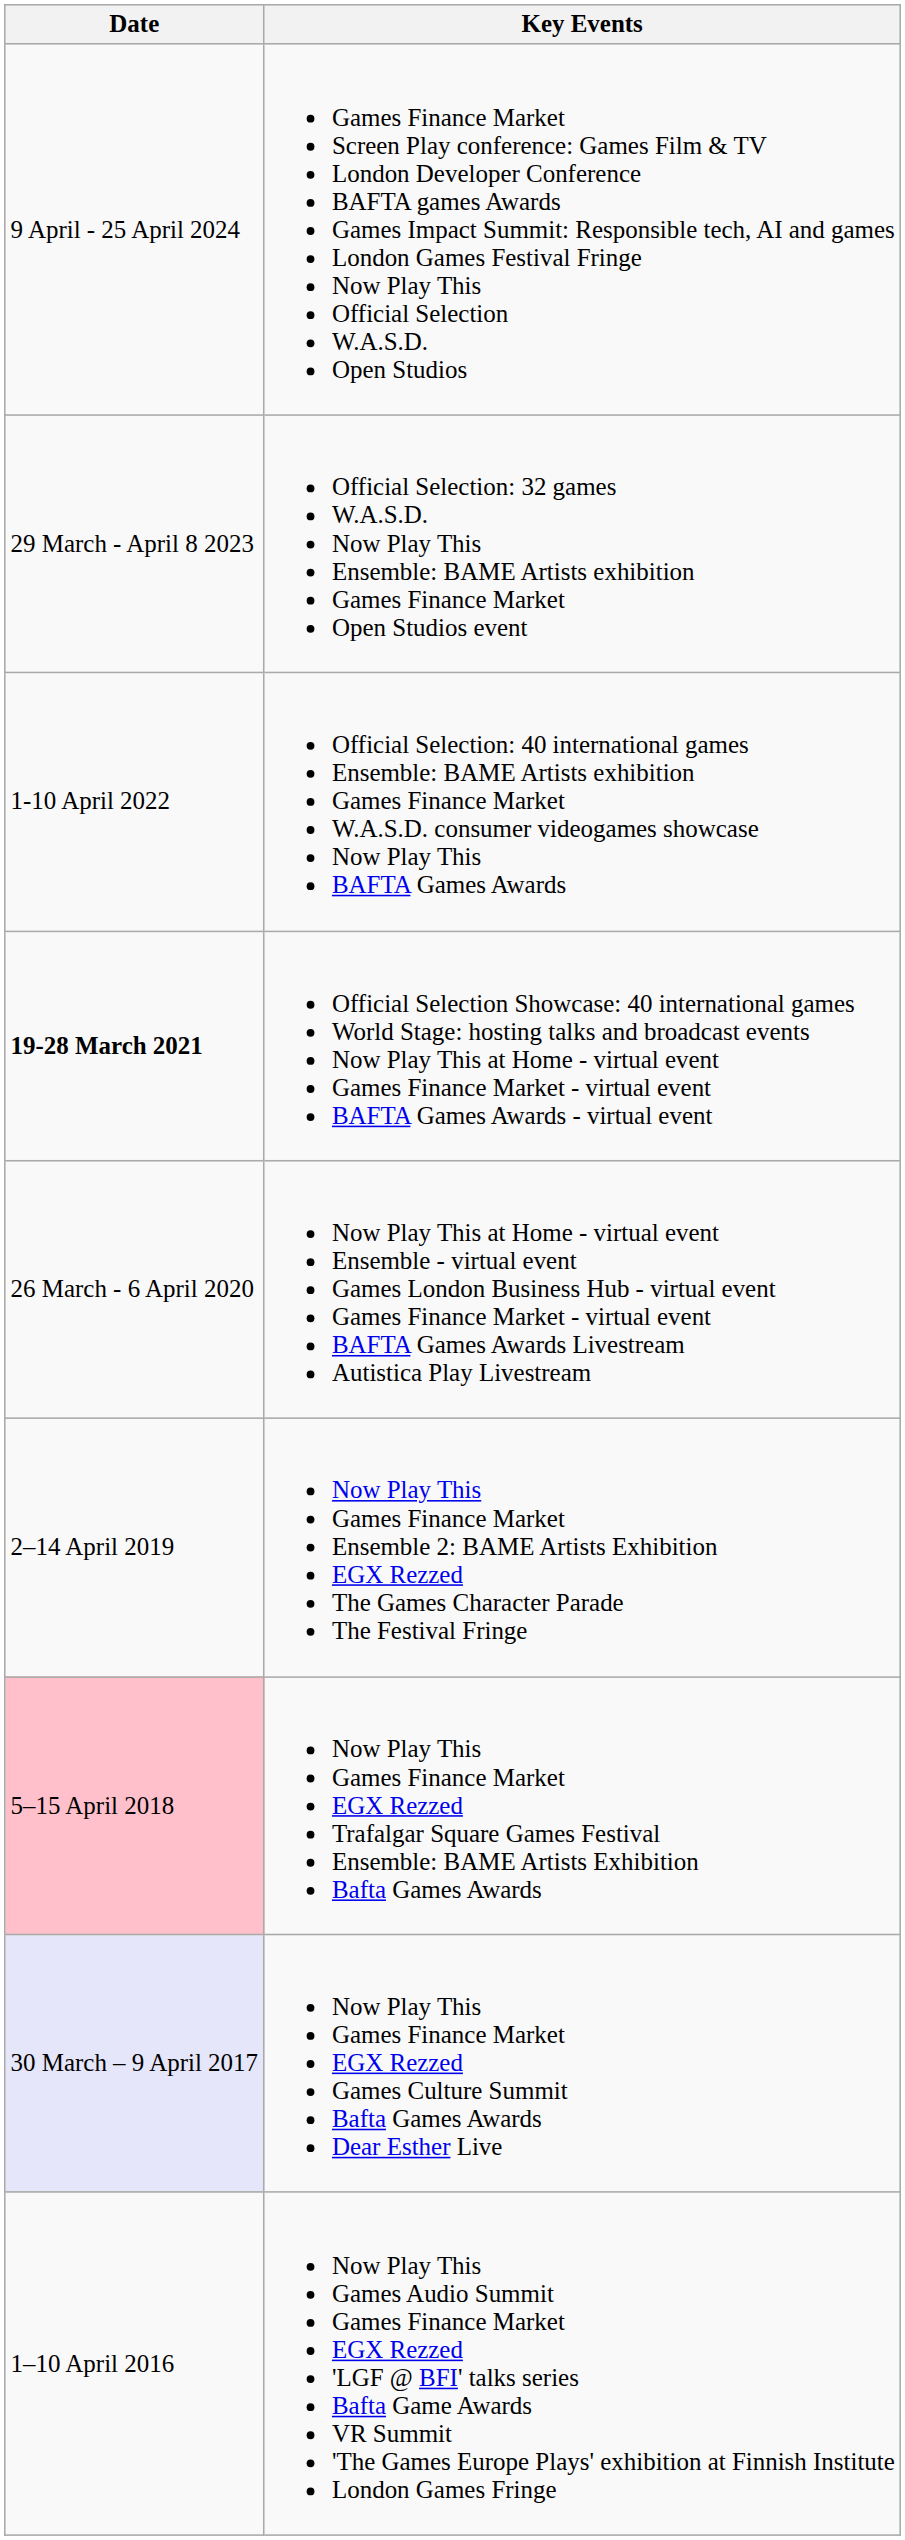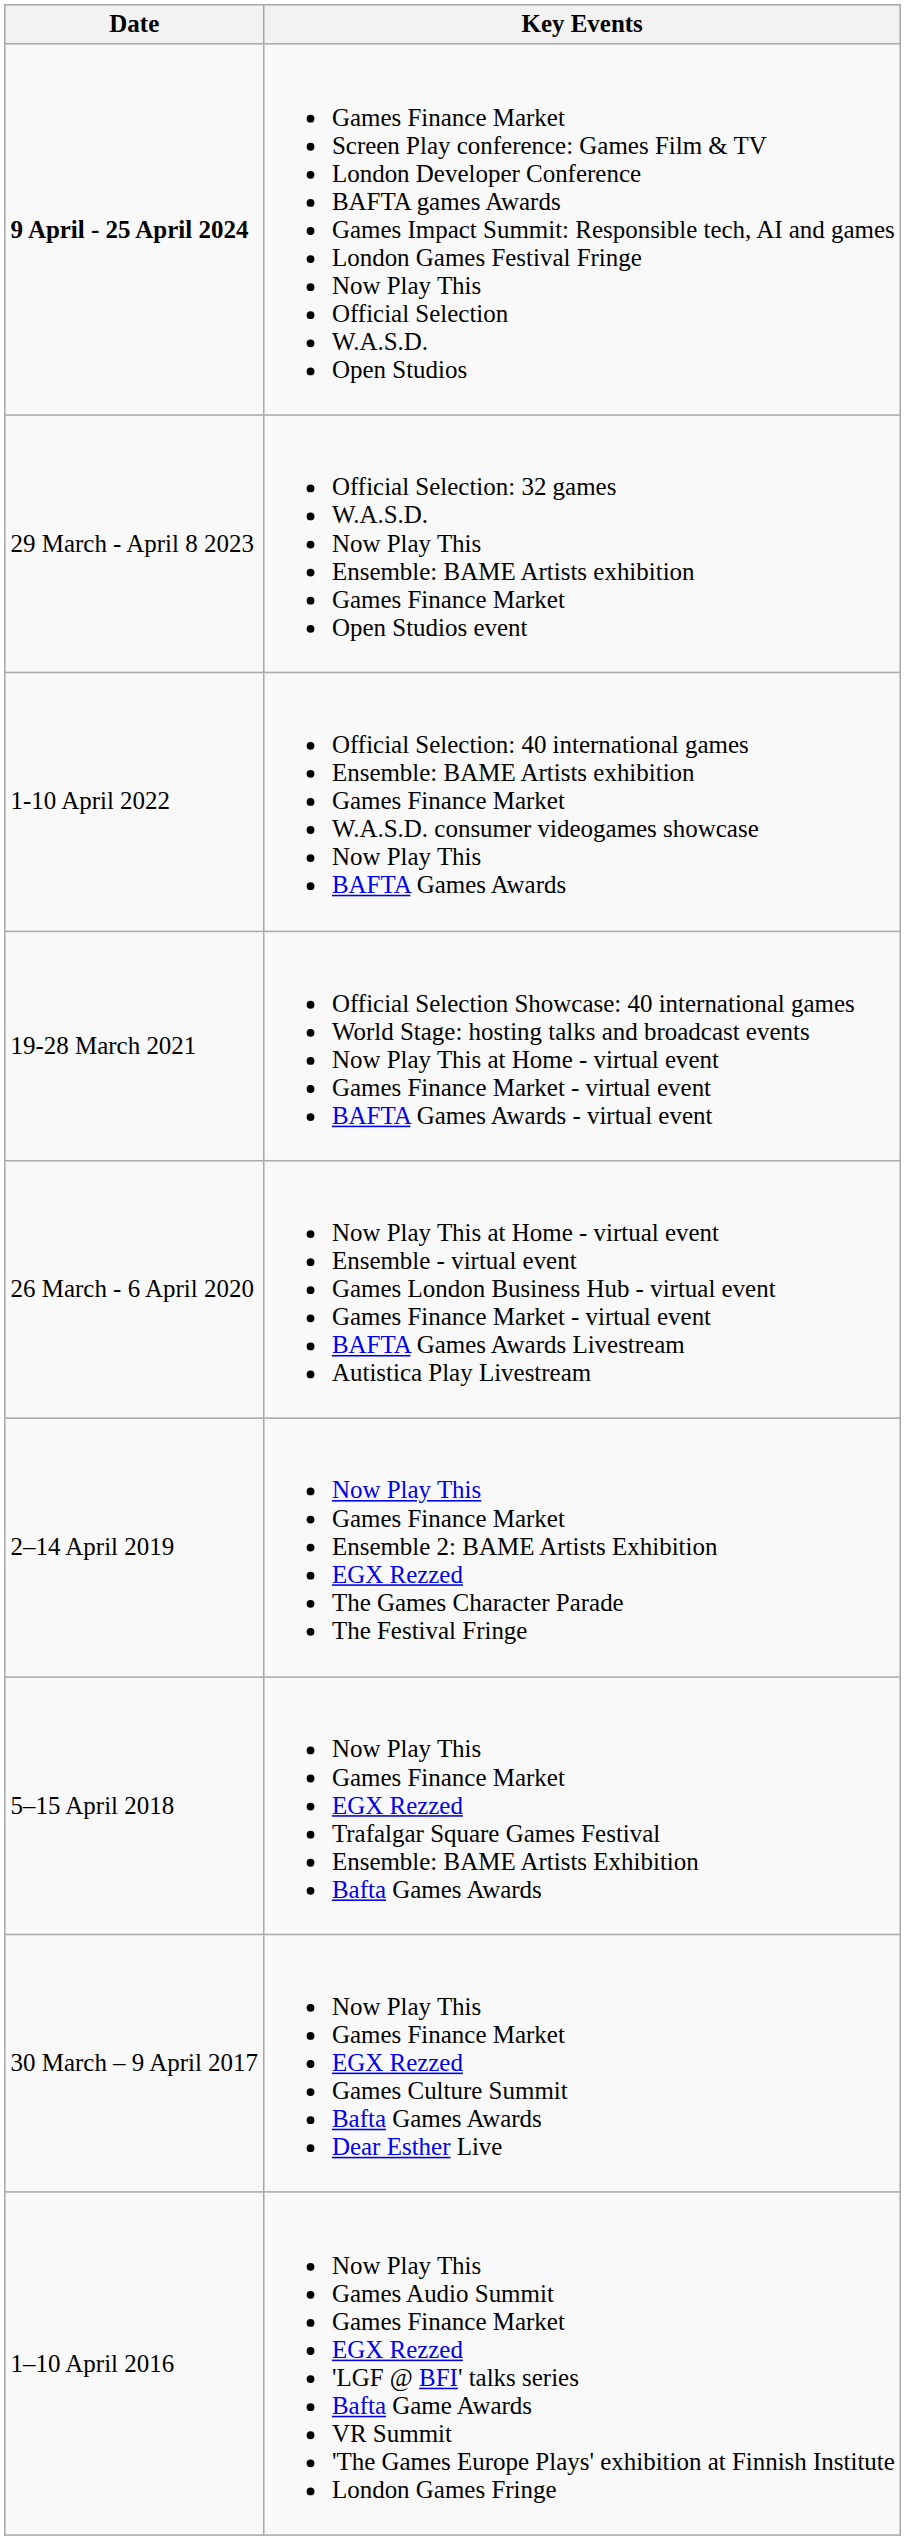 <table class="wikitable">
 <tr>
 <th>Date</th>
 <th>Key Events</th>
 </tr>
 <tr>
-<td>9 April - 25 April 2024</td>
+<td><strong>9 April - 25 April 2024</strong></td>
 <td><br><ul><li>Games Finance Market</li><li>Screen Play conference: Games Film & TV</li><li>London Developer Conference</li><li>BAFTA games Awards</li><li>Games Impact Summit: Responsible tech, AI and games</li><li>London Games Festival Fringe</li><li>Now Play This</li><li>Official Selection</li><li>W.A.S.D.</li><li>Open Studios</li></ul></td>
 </tr>
 <tr>
 <td>29 March - April 8 2023</td>
 <td><br><ul><li>Official Selection: 32 games</li><li>W.A.S.D.</li><li>Now Play This</li><li>Ensemble: BAME Artists exhibition</li><li>Games Finance Market</li><li>Open Studios event</li></ul></td>
 </tr>
 <tr>
 <td>1-10 April 2022</td>
 <td><br><ul><li>Official Selection: 40 international games</li><li>Ensemble: BAME Artists exhibition</li><li>Games Finance Market</li><li>W.A.S.D. consumer videogames showcase</li><li>Now Play This</li><li><a href='#'>BAFTA</a> Games Awards</li></ul></td>
 </tr>
 <tr>
-<td><strong>19-28 March 2021</strong></td>
+<td>19-28 March 2021</td>
 <td><br><ul><li>Official Selection Showcase: 40 international games</li><li>World Stage: hosting talks and broadcast events</li><li>Now Play This at Home - virtual event</li><li>Games Finance Market - virtual event</li><li><a href='#'>BAFTA</a> Games Awards - virtual event</li></ul></td>
 </tr>
 <tr>
 <td>26 March - 6 April 2020</td>
 <td><br><ul><li>Now Play This at Home - virtual event</li><li>Ensemble - virtual event</li><li>Games London Business Hub - virtual event</li><li>Games Finance Market - virtual event</li><li><a href='#'>BAFTA</a> Games Awards Livestream</li><li>Autistica Play Livestream</li></ul></td>
 </tr>
 <tr>
 <td>2–14 April 2019 </td>
 <td><br><ul><li><a href='#'>Now Play This</a></li><li>Games Finance Market</li><li>Ensemble 2: BAME Artists Exhibition</li><li><a href='#'>EGX Rezzed</a></li><li>The Games Character Parade</li><li>The Festival Fringe</li></ul></td>
 </tr>
 <tr>
-<td style="background: pink;">5–15 April 2018 </td>
+<td>5–15 April 2018 </td>
 <td><br><ul><li>Now Play This</li><li>Games Finance Market</li><li><a href='#'>EGX Rezzed</a></li><li>Trafalgar Square Games Festival</li><li>Ensemble: BAME Artists Exhibition</li><li><a href='#'>Bafta</a> Games Awards</li></ul></td>
 </tr>
 <tr>
-<td style="background: lavender;">30 March – 9 April 2017 </td>
+<td>30 March – 9 April 2017 </td>
 <td><br><ul><li>Now Play This</li><li>Games Finance Market</li><li><a href='#'>EGX Rezzed</a></li><li>Games Culture Summit</li><li><a href='#'>Bafta</a> Games Awards</li><li><a href='#'>Dear Esther</a> Live</li></ul></td>
 </tr>
 <tr>
 <td>1–10 April 2016 </td>
 <td><br><ul><li>Now Play This</li><li>Games Audio Summit</li><li>Games Finance Market</li><li><a href='#'>EGX Rezzed</a></li><li>'LGF @ <a href='#'>BFI</a>' talks series</li><li><a href='#'>Bafta</a> Game Awards</li><li>VR Summit</li><li>'The Games Europe Plays' exhibition at Finnish Institute</li><li>London Games Fringe</li></ul></td>
 </tr>
 </table>
